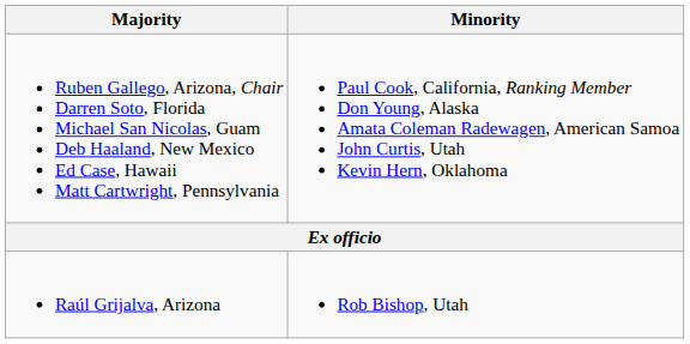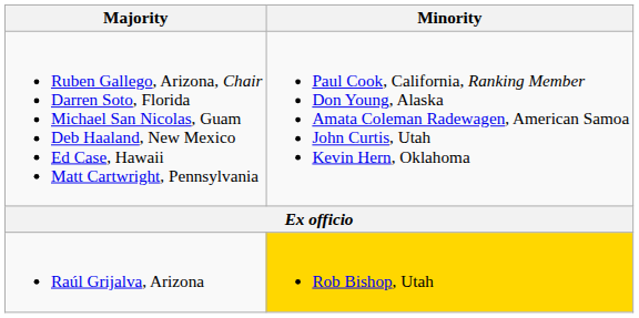 <table class=wikitable>
 <tr>
 <th>Majority</th>
 <th>Minority</th>
 </tr>
 <tr valign=top>
 <td><br><ul><li><a href='#'>Ruben Gallego</a>, Arizona, <em>Chair</em></li><li><a href='#'>Darren Soto</a>, Florida</li><li><a href='#'>Michael San Nicolas</a>, Guam</li><li><a href='#'>Deb Haaland</a>, New Mexico</li><li><a href='#'>Ed Case</a>, Hawaii</li><li><a href='#'>Matt Cartwright</a>, Pennsylvania</li></ul></td>
 <td><br><ul><li><a href='#'>Paul Cook</a>, California, <em>Ranking Member</em></li><li><a href='#'>Don Young</a>, Alaska</li><li><a href='#'>Amata Coleman Radewagen</a>, American Samoa</li><li><a href='#'>John Curtis</a>, Utah</li><li><a href='#'>Kevin Hern</a>, Oklahoma</li></ul></td>
 </tr>
 <tr>
 <th colspan=2><em>Ex officio</em></th>
 </tr>
 <tr>
 <td><br><ul><li><a href='#'>Raúl Grijalva</a>, Arizona</li></ul></td>
-<td><br><ul><li><a href='#'>Rob Bishop</a>, Utah</li></ul></td>
+<td style="background: gold;"><br><ul><li><a href='#'>Rob Bishop</a>, Utah</li></ul></td>
 </tr>
 </table>
